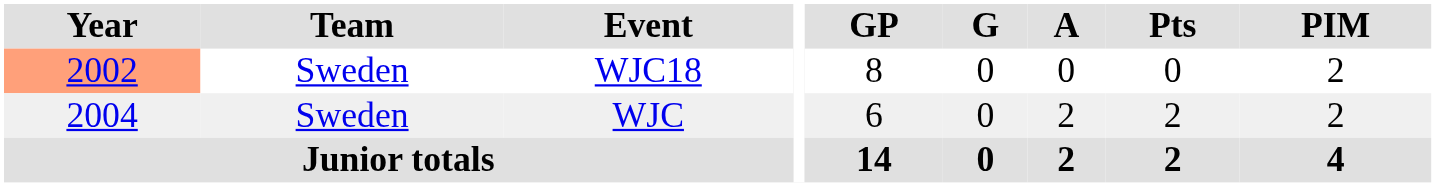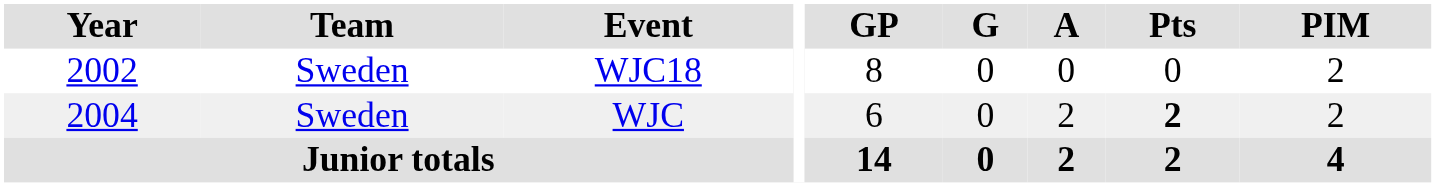 <table border="0" cellpadding="1" cellspacing="0" ID="Table3" style="text-align:center; width:40em">
 <tr ALIGN="center" bgcolor="#e0e0e0">
 <th>Year</th>
 <th>Team</th>
 <th>Event</th>
 <th rowspan="99" bgcolor="#ffffff"></th>
 <th>GP</th>
 <th>G</th>
 <th>A</th>
 <th>Pts</th>
 <th>PIM</th>
 </tr>
 <tr>
-<td style="background: lightsalmon;"><a href='#'>2002</a></td>
+<td><a href='#'>2002</a></td>
 <td><a href='#'>Sweden</a></td>
 <td><a href='#'>WJC18</a></td>
 <td>8</td>
 <td>0</td>
 <td>0</td>
 <td>0</td>
 <td>2</td>
 </tr>
 <tr bgcolor="#f0f0f0">
 <td><a href='#'>2004</a></td>
 <td><a href='#'>Sweden</a></td>
 <td><a href='#'>WJC</a></td>
 <td>6</td>
 <td>0</td>
 <td>2</td>
-<td>2</td>
+<td><strong>2</strong></td>
 <td>2</td>
 </tr>
 <tr bgcolor="#e0e0e0">
 <th colspan="3">Junior totals</th>
 <th>14</th>
 <th>0</th>
 <th>2</th>
 <th>2</th>
 <th>4</th>
 </tr>
 </table>
